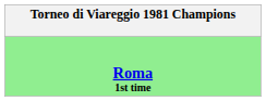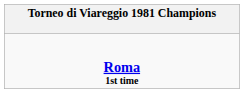 <table class="wikitable" style="margin: 0 auto; width: 30%;">
 <tr>
 <th><big>Torneo di Viareggio 1981 Champions</big><br><br></th>
 </tr>
 <tr>
-<td align=center style="background: lightgreen;"><br><br><big><big><strong><a href='#'>Roma</a></strong><br></big></big><strong>1st time</strong></td>
+<td align=center><br><br><big><big><strong><a href='#'>Roma</a></strong><br></big></big><strong>1st time</strong></td>
 </tr>
 </table>
